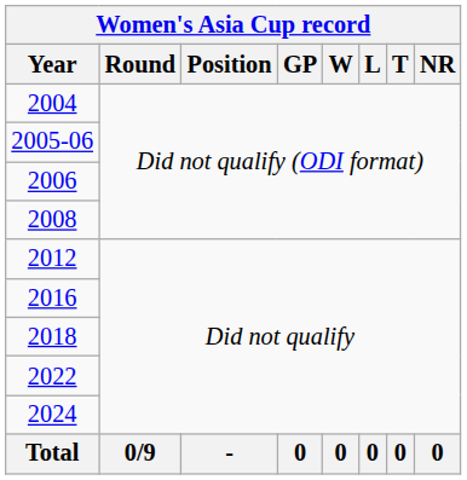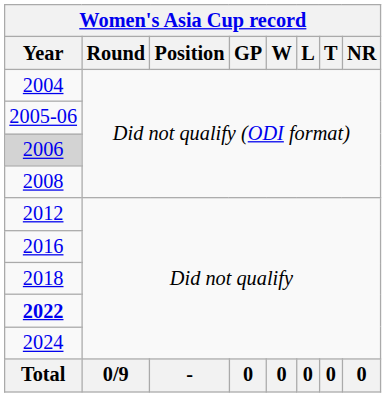 <table class="wikitable" style="text-align: center; width=900px;">
 <tr>
 <th colspan="8"><a href='#'>Women's Asia Cup record</a></th>
 </tr>
 <tr>
 <th>Year</th>
 <th>Round</th>
 <th>Position</th>
 <th>GP</th>
 <th>W</th>
 <th>L</th>
 <th>T</th>
 <th>NR</th>
 </tr>
 <tr>
 <td><a href='#'>2004</a> </td>
 <td colspan="7" rowspan="4"><em>Did not qualify (<a href='#'>ODI</a> format)</em></td>
 </tr>
 <tr>
 <td><a href='#'>2005-06</a> </td>
 </tr>
 <tr>
-<td><a href='#'>2006</a> </td>
+<td style="background: lightgrey;"><a href='#'>2006</a> </td>
 </tr>
 <tr>
 <td><a href='#'>2008</a> </td>
 </tr>
 <tr>
 <td><a href='#'>2012</a> </td>
 <td colspan="7" rowspan="5"><em>Did not qualify</td>
 </tr>
 <tr>
 <td><a href='#'>2016</a> </td>
 </tr>
 <tr>
 <td><a href='#'>2018</a> </td>
 </tr>
 <tr>
-<td><a href='#'>2022</a> </td>
+<td><strong><a href='#'>2022</a> </strong></td>
 </tr>
 <tr>
 <td><a href='#'>2024</a> </td>
 </tr>
 <tr>
 <th>Total</th>
 <th>0/9</th>
 <th>-</th>
 <th>0</th>
 <th>0</th>
 <th>0</th>
 <th>0</th>
 <th>0</th>
 </tr>
 </table>
